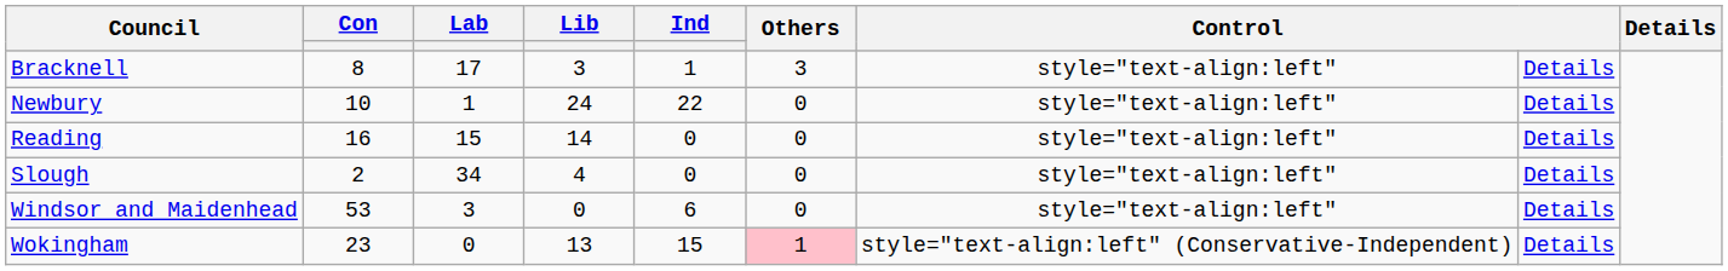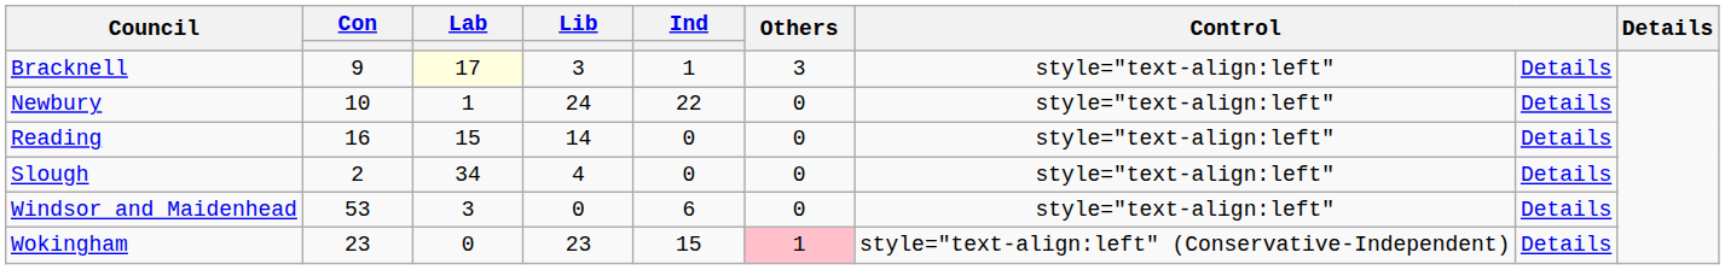 <table class="wikitable" style="text-align:center;">
 <tr>
 <th rowspan=2>Council</th>
 <th style="width:60px;"><a href='#'>Con</a></th>
 <th style="width:60px;"><a href='#'>Lab</a></th>
 <th style="width:60px;"><a href='#'>Lib</a></th>
 <th style="width:60px;"><a href='#'>Ind</a></th>
 <th style="width:60px;" rowspan=2>Others</th>
 <th rowspan=2 colspan=2>Control</th>
 <th rowspan=2>Details</th>
 </tr>
 <tr>
 <th style="background:"></th>
 <th style="background:"></th>
 <th style="background:"></th>
 <th style="background:"></th>
 </tr>
 <tr>
 <td style="text-align:left"><a href='#'>Bracknell</a></td>
-<td>8</td>
-<td>17</td>
+<td>9</td>
+<td style="background: lightyellow;">17</td>
 <td>3</td>
 <td>1</td>
 <td>3</td>
 <td>style="text-align:left" </td>
 <td style="text-align:left"><a href='#'>Details</a></td>
 </tr>
 <tr>
 <td style="text-align:left"><a href='#'>Newbury</a></td>
 <td>10</td>
 <td>1</td>
 <td>24</td>
 <td>22</td>
 <td>0</td>
 <td>style="text-align:left" </td>
 <td style="text-align:left"><a href='#'>Details</a></td>
 </tr>
 <tr>
 <td style="text-align:left"><a href='#'>Reading</a></td>
 <td>16</td>
 <td>15</td>
 <td>14</td>
 <td>0</td>
 <td>0</td>
 <td>style="text-align:left" </td>
 <td style="text-align:left"><a href='#'>Details</a></td>
 </tr>
 <tr>
 <td style="text-align:left"><a href='#'>Slough</a></td>
 <td>2</td>
 <td>34</td>
 <td>4</td>
 <td>0</td>
 <td>0</td>
 <td>style="text-align:left" </td>
 <td style="text-align:left"><a href='#'>Details</a></td>
 </tr>
 <tr>
 <td style="text-align:left"><a href='#'>Windsor and Maidenhead</a></td>
 <td>53</td>
 <td>3</td>
 <td>0</td>
 <td>6</td>
 <td>0</td>
 <td>style="text-align:left" </td>
 <td style="text-align:left"><a href='#'>Details</a></td>
 </tr>
 <tr>
 <td style="text-align:left"><a href='#'>Wokingham</a></td>
 <td>23</td>
 <td>0</td>
-<td>13</td>
+<td>23</td>
 <td>15</td>
 <td style="background: pink;">1</td>
 <td>style="text-align:left"  (Conservative-Independent)</td>
 <td style="text-align:left"><a href='#'>Details</a></td>
 </tr>
 </table>
